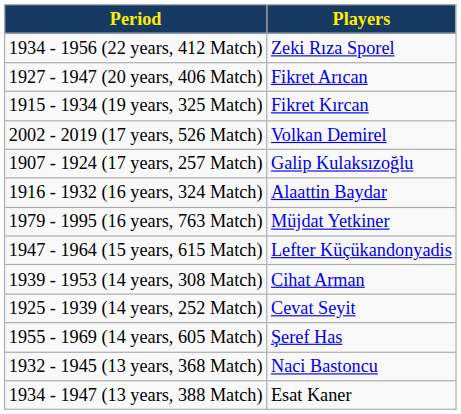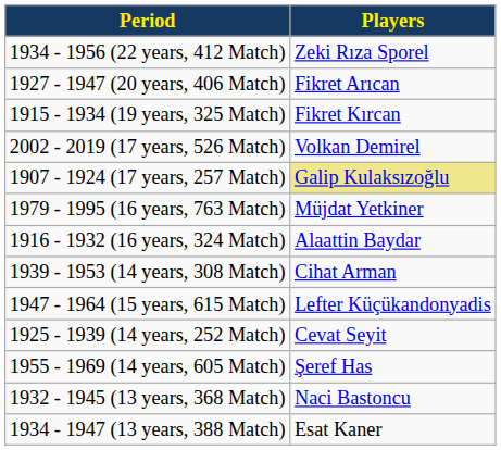 <table class="wikitable" style="text-align:left">
 <tr>
 <th style="color:#FFED00; background:#163962; ">Period</th>
 <th style="color:#FFED00; background:#163962; ">Players</th>
 </tr>
 <tr>
 <td>1934 - 1956 (22 years, 412 Match)</td>
 <td><a href='#'>Zeki Rıza Sporel</a></td>
 </tr>
 <tr>
 <td>1927 - 1947 (20 years, 406 Match)</td>
 <td><a href='#'>Fikret Arıcan</a></td>
 </tr>
 <tr>
 <td>1915 - 1934 (19 years, 325 Match)</td>
 <td><a href='#'>Fikret Kırcan</a></td>
 </tr>
 <tr>
 <td>2002 - 2019 (17 years, 526 Match)</td>
 <td><a href='#'>Volkan Demirel</a></td>
 </tr>
 <tr>
 <td>1907 - 1924 (17 years, 257 Match)</td>
-<td><a href='#'>Galip Kulaksızoğlu</a></td>
+<td style="background: khaki;"><a href='#'>Galip Kulaksızoğlu</a></td>
+</tr>
+<tr>
+<td>1979 - 1995 (16 years, 763 Match)</td>
+<td><a href='#'>Müjdat Yetkiner</a></td>
 </tr>
 <tr>
 <td>1916 - 1932 (16 years, 324 Match)</td>
 <td><a href='#'>Alaattin Baydar</a></td>
 </tr>
 <tr>
-<td>1979 - 1995 (16 years, 763 Match)</td>
-<td><a href='#'>Müjdat Yetkiner</a></td>
+<td>1939 - 1953 (14 years, 308 Match)</td>
+<td><a href='#'>Cihat Arman</a></td>
 </tr>
 <tr>
 <td>1947 - 1964 (15 years, 615 Match)</td>
 <td><a href='#'>Lefter Küçükandonyadis</a></td>
-</tr>
-<tr>
-<td>1939 - 1953 (14 years, 308 Match)</td>
-<td><a href='#'>Cihat Arman</a></td>
 </tr>
 <tr>
 <td>1925 - 1939 (14 years, 252 Match)</td>
 <td><a href='#'>Cevat Seyit</a></td>
 </tr>
 <tr>
 <td>1955 - 1969 (14 years, 605 Match)</td>
 <td><a href='#'>Şeref Has</a></td>
 </tr>
 <tr>
 <td>1932 - 1945 (13 years, 368 Match)</td>
 <td><a href='#'>Naci Bastoncu</a></td>
 </tr>
 <tr>
 <td>1934 - 1947 (13 years, 388 Match)</td>
 <td>Esat Kaner</td>
 </tr>
 </table>
